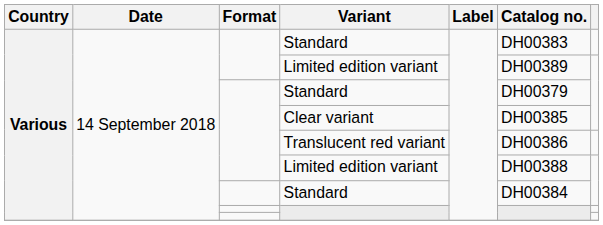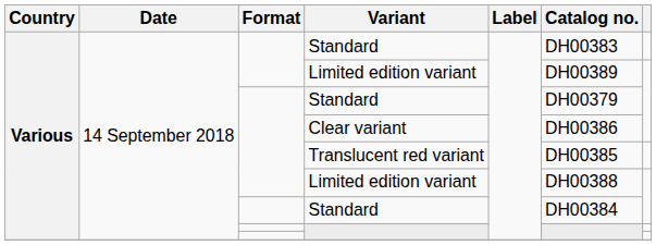 <table class="wikitable">
 <tr>
 <th>Country</th>
 <th>Date</th>
 <th>Format</th>
 <th>Variant</th>
 <th>Label</th>
 <th>Catalog no.</th>
 <th></th>
 </tr>
 <tr>
 <th scope="row" rowspan="9">Various</th>
 <td rowspan="9">14 September 2018</td>
 <td rowspan="2"></td>
 <td>Standard</td>
 <td rowspan="9"></td>
 <td>DH00383</td>
 <td></td>
 </tr>
 <tr>
 <td>Limited edition variant</td>
 <td>DH00389</td>
 <td rowspan="3"></td>
 </tr>
 <tr>
 <td rowspan="4"></td>
 <td>Standard</td>
 <td>DH00379</td>
 </tr>
 <tr>
 <td>Clear variant</td>
-<td>DH00385</td>
+<td>DH00386</td>
 </tr>
 <tr>
 <td>Translucent red variant</td>
-<td>DH00386</td>
+<td>DH00385</td>
 <td></td>
 </tr>
 <tr>
 <td>Limited edition variant</td>
 <td>DH00388</td>
 <td rowspan="2"></td>
 </tr>
 <tr>
 <td rowspan="1"></td>
 <td>Standard</td>
 <td>DH00384</td>
 </tr>
 <tr>
 <td rowspan="1"></td>
 <td rowspan="2" style="background: #ececec"></td>
 <td rowspan="2" style="background: #ececec"></td>
 <td></td>
 </tr>
 <tr>
 <td rowspan="1"></td>
 <td></td>
 </tr>
 <tr>
 </tr>
 </table>
